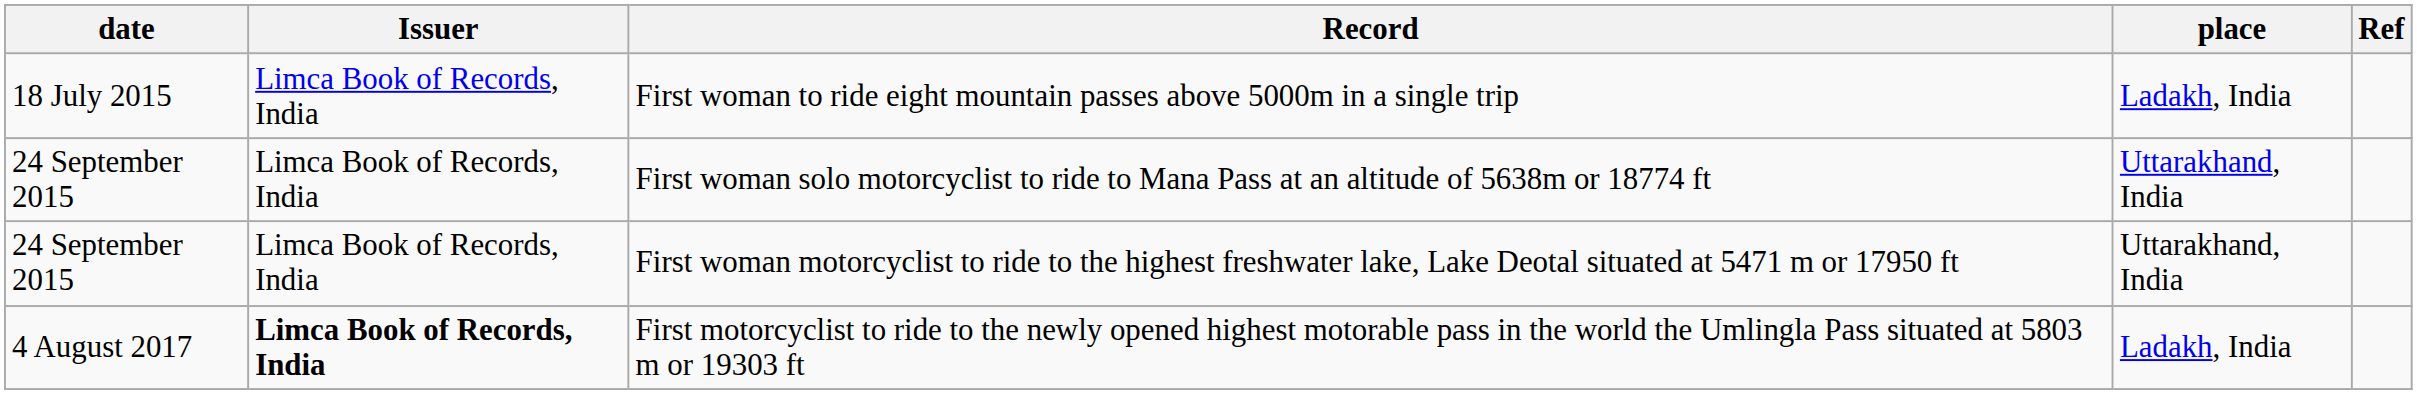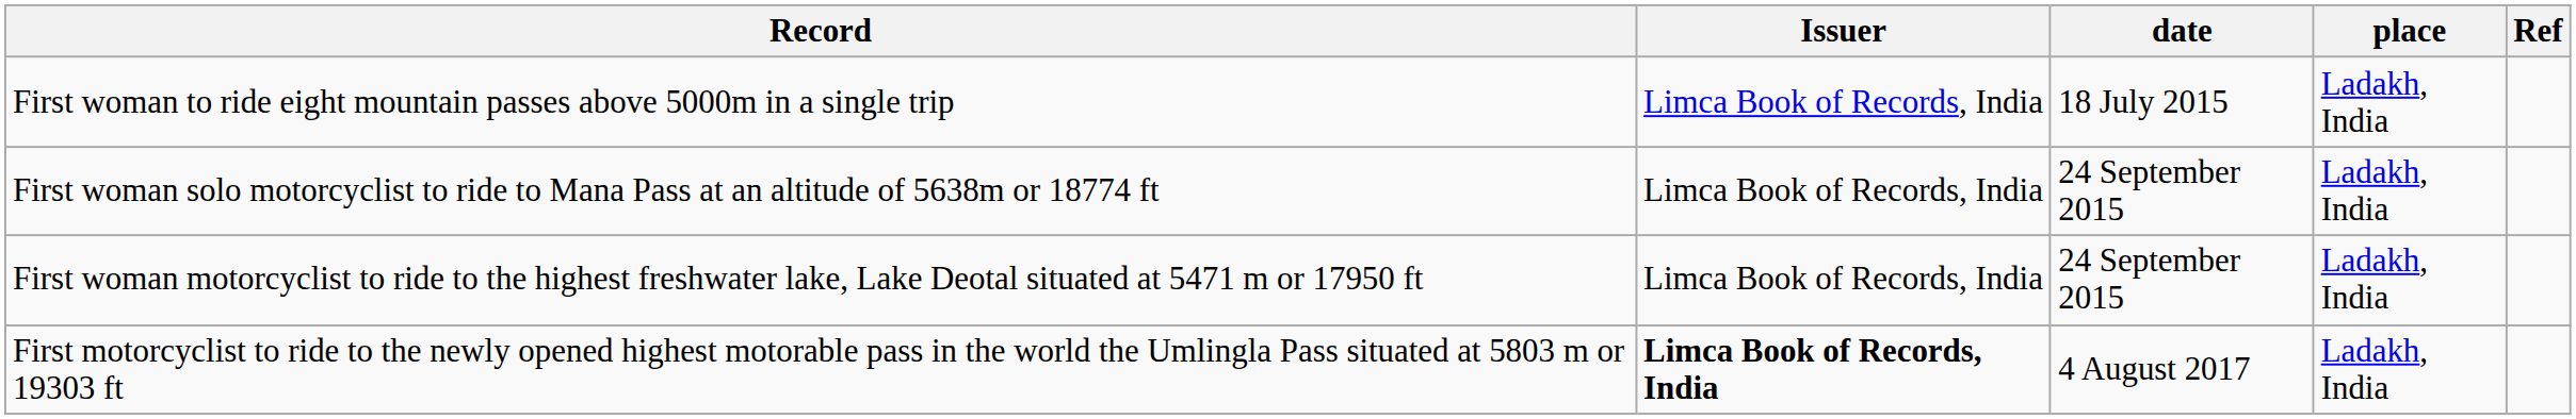 <table class="wikitable">
 <tr>
+<th>Record</th>
+<th>Issuer</th>
 <th>date</th>
-<th>Issuer</th>
-<th>Record</th>
 <th>place</th>
 <th>Ref</th>
 </tr>
 <tr>
+<td>First woman to ride eight mountain passes above 5000m in a single trip</td>
+<td><a href='#'>Limca Book of Records</a>, India</td>
 <td>18 July 2015</td>
-<td><a href='#'>Limca Book of Records</a>, India</td>
-<td>First woman to ride eight mountain passes above 5000m in a single trip</td>
 <td><a href='#'>Ladakh</a>, India</td>
 <td></td>
 </tr>
 <tr>
+<td>First woman solo motorcyclist to ride to Mana Pass at an altitude of 5638m or 18774 ft</td>
+<td>Limca Book of Records, India</td>
 <td>24 September 2015</td>
-<td>Limca Book of Records, India</td>
-<td>First woman solo motorcyclist to ride to Mana Pass at an altitude of 5638m or 18774 ft</td>
-<td><a href='#'>Uttarakhand</a>, India</td>
+<td><a href='#'>Ladakh</a>, India</td>
 <td></td>
 </tr>
 <tr>
+<td>First woman motorcyclist to ride to the highest freshwater lake, Lake Deotal situated at 5471 m or 17950 ft</td>
+<td>Limca Book of Records, India</td>
 <td>24 September 2015</td>
-<td>Limca Book of Records, India</td>
-<td>First woman motorcyclist to ride to the highest freshwater lake, Lake Deotal situated at 5471 m or 17950 ft</td>
-<td>Uttarakhand, India</td>
+<td><a href='#'>Ladakh</a>, India</td>
 <td></td>
 </tr>
 <tr>
+<td>First  motorcyclist to ride to the newly opened highest motorable pass in the world the Umlingla Pass situated at 5803 m or 19303 ft</td>
+<td><strong>Limca Book of Records, India</strong></td>
 <td>4 August 2017</td>
-<td><strong>Limca Book of Records, India</strong></td>
-<td>First  motorcyclist to ride to the newly opened highest motorable pass in the world the Umlingla Pass situated at 5803 m or 19303 ft</td>
 <td><a href='#'>Ladakh</a>, India</td>
 <td></td>
 </tr>
 </table>
